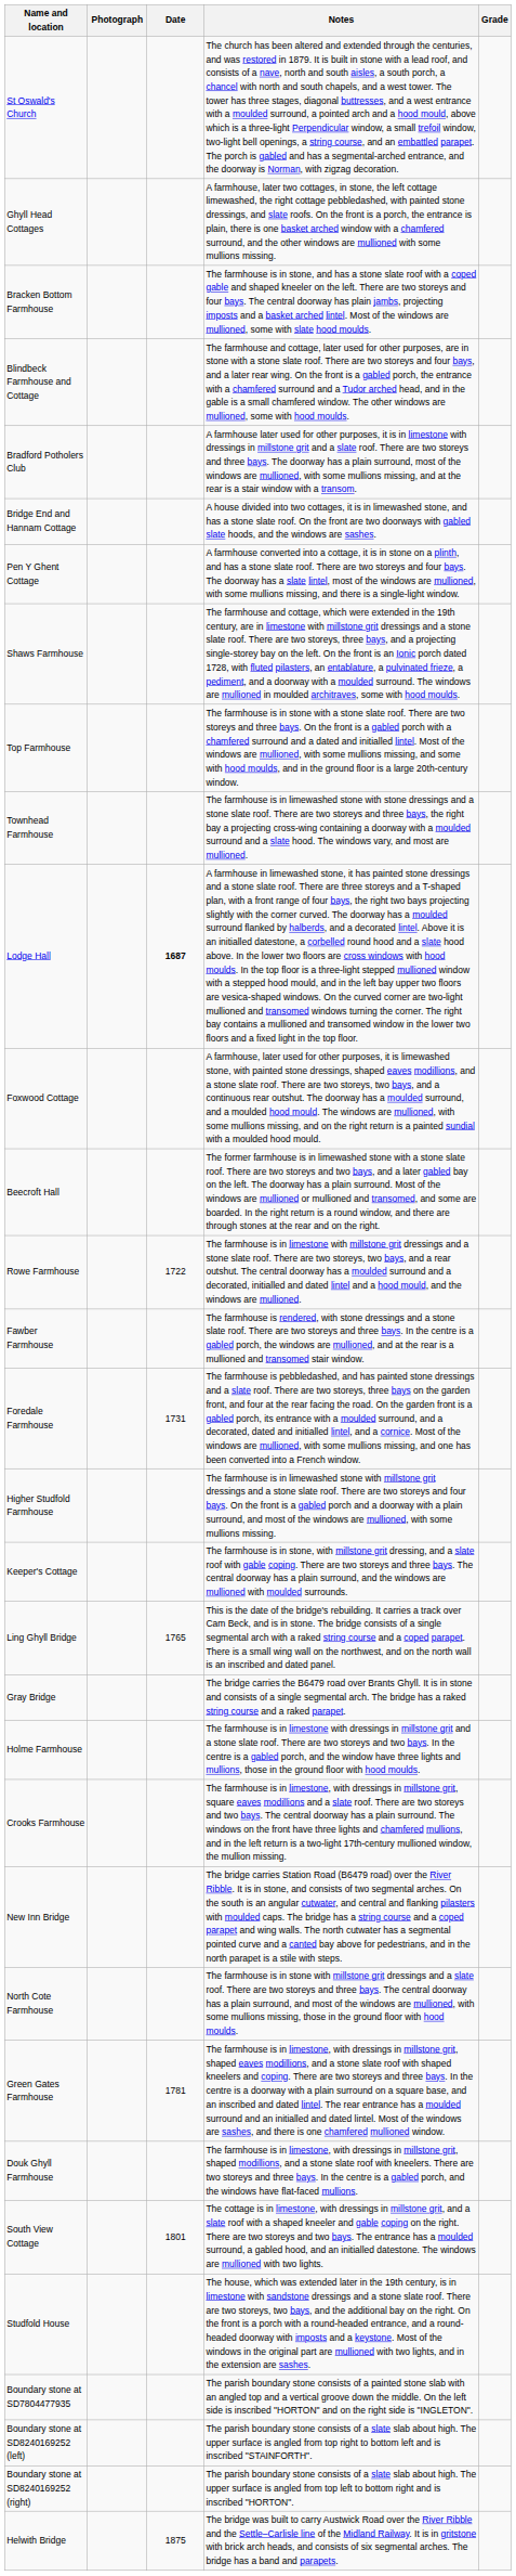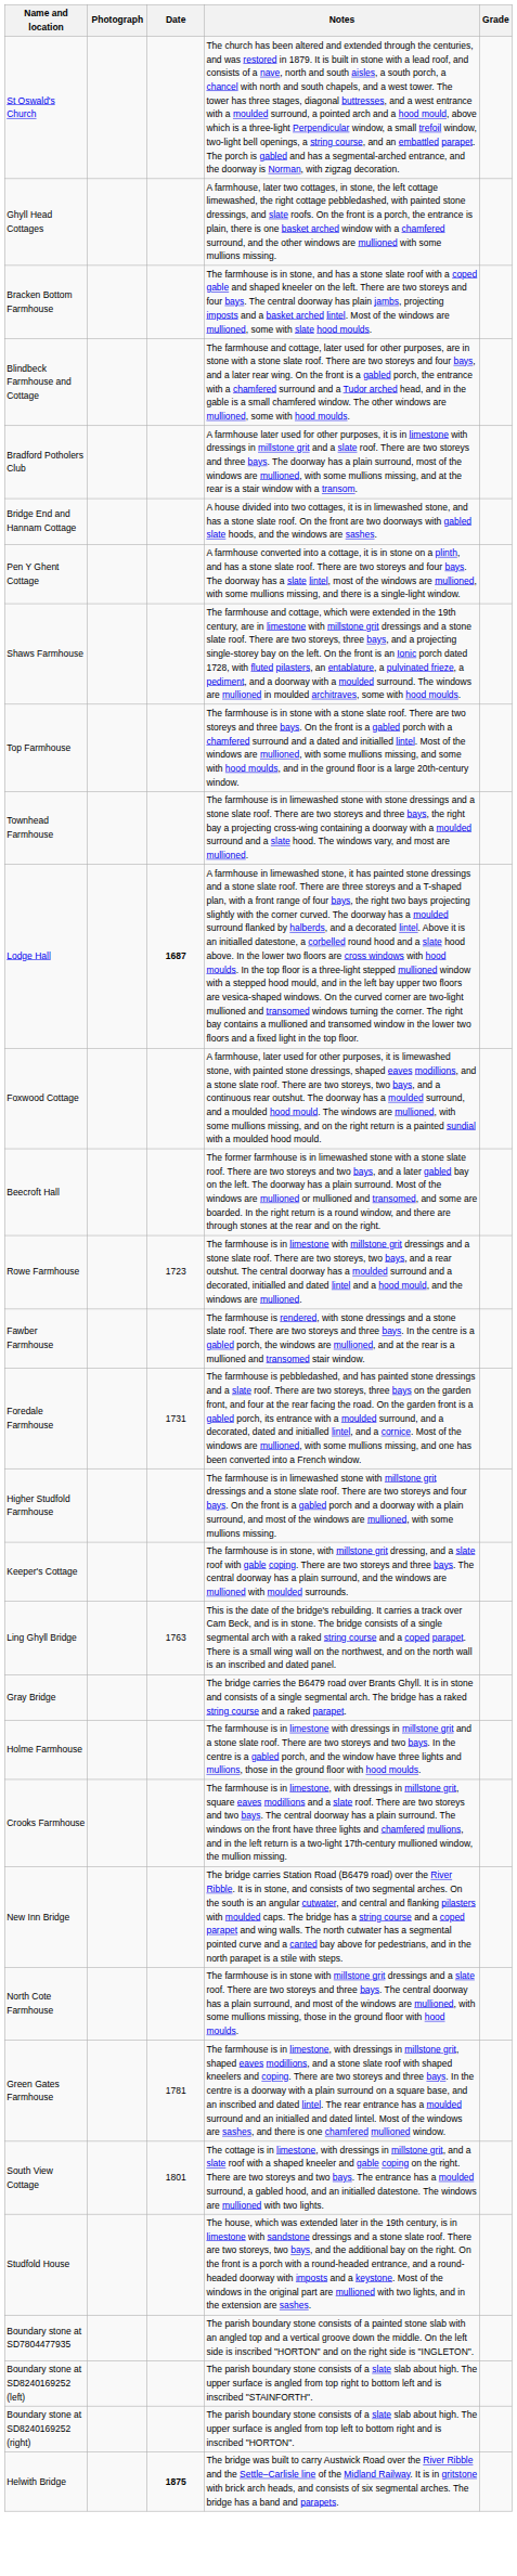 <table class="wikitable sortable plainrowheaders" style="width:100%; border:0px; text-align:left; line-height:150%">
 <tr>
 <th scope="col"  style="width:150px">Name and location</th>
 <th scope="col"  style="width:100px" class="unsortable">Photograph</th>
 <th scope="col"  style="width:120px">Date</th>
 <th scope="col"  style="width:650px" class="unsortable">Notes</th>
 <th scope="col"  style="width:50px">Grade</th>
 </tr>
 <tr>
 <td><a href='#'>St Oswald's Church</a><br><small></small></td>
 <td></td>
 <td align="center"></td>
 <td>The church has been altered and extended through the centuries, and was <a href='#'>restored</a> in 1879. It is built in stone with a lead roof, and consists of a <a href='#'>nave</a>, north and south <a href='#'>aisles</a>, a south porch, a <a href='#'>chancel</a> with north and south chapels, and a west tower. The tower has three stages, diagonal <a href='#'>buttresses</a>, and a west entrance with a <a href='#'>moulded</a> surround, a pointed arch and a <a href='#'>hood mould</a>, above which is a three-light <a href='#'>Perpendicular</a> window, a small <a href='#'>trefoil</a> window, two-light bell openings, a <a href='#'>string course</a>, and an <a href='#'>embattled</a> <a href='#'>parapet</a>. The porch is <a href='#'>gabled</a> and has a segmental-arched entrance, and the doorway is <a href='#'>Norman</a>, with zigzag decoration.</td>
 <td align="center" ></td>
 </tr>
 <tr>
 <td>Ghyll Head Cottages<br><small></small></td>
 <td></td>
 <td align="center"></td>
 <td>A farmhouse, later two cottages, in stone, the left cottage limewashed, the right cottage pebbledashed, with painted stone dressings, and <a href='#'>slate</a> roofs. On the front is a porch, the entrance is plain, there is one <a href='#'>basket arched</a> window with a <a href='#'>chamfered</a> surround, and the other windows are <a href='#'>mullioned</a> with some mullions missing.</td>
 <td align="center" ></td>
 </tr>
 <tr>
 <td>Bracken Bottom Farmhouse<br><small></small></td>
 <td></td>
 <td align="center"></td>
 <td>The farmhouse is in stone, and has a stone slate roof with a <a href='#'>coped</a> <a href='#'>gable</a> and shaped kneeler on the left. There are two storeys and four <a href='#'>bays</a>. The central doorway has plain <a href='#'>jambs</a>, projecting <a href='#'>imposts</a> and a <a href='#'>basket arched</a> <a href='#'>lintel</a>. Most of the windows are <a href='#'>mullioned</a>, some with <a href='#'>slate</a> <a href='#'>hood moulds</a>.</td>
 <td align="center" ></td>
 </tr>
 <tr>
 <td>Blindbeck Farmhouse and Cottage<br><small></small></td>
 <td></td>
 <td align="center"></td>
 <td>The farmhouse and cottage, later used for other purposes, are in stone with a stone slate roof. There are two storeys and four <a href='#'>bays</a>, and a later rear wing. On the front is a <a href='#'>gabled</a> porch, the entrance with a <a href='#'>chamfered</a> surround and a <a href='#'>Tudor arched</a> head, and in the gable is a small chamfered window. The other windows are <a href='#'>mullioned</a>, some with <a href='#'>hood moulds</a>.</td>
 <td align="center" ></td>
 </tr>
 <tr>
 <td>Bradford Potholers Club<br><small></small></td>
 <td></td>
 <td align="center"></td>
 <td>A farmhouse later used for other purposes, it is in <a href='#'>limestone</a> with dressings in <a href='#'>millstone grit</a> and a <a href='#'>slate</a> roof. There are two storeys and three <a href='#'>bays</a>. The doorway has a plain surround, most of the windows are <a href='#'>mullioned</a>, with some mullions missing, and at the rear is a stair window with a <a href='#'>transom</a>.</td>
 <td align="center" ></td>
 </tr>
 <tr>
 <td>Bridge End and Hannam Cottage<br><small></small></td>
 <td></td>
 <td align="center"></td>
 <td>A house divided into two cottages, it is in limewashed stone, and has a stone slate roof. On the front are two doorways with <a href='#'>gabled</a> <a href='#'>slate</a> hoods, and the windows are <a href='#'>sashes</a>.</td>
 <td align="center" ></td>
 </tr>
 <tr>
 <td>Pen Y Ghent Cottage<br><small></small></td>
 <td></td>
 <td align="center"></td>
 <td>A farmhouse converted into a cottage, it is in stone on a <a href='#'>plinth</a>, and has a stone slate roof. There are two storeys and four <a href='#'>bays</a>. The doorway has a <a href='#'>slate</a> <a href='#'>lintel</a>, most of the windows are <a href='#'>mullioned</a>, with some mullions missing, and there is a single-light window.</td>
 <td align="center" ></td>
 </tr>
 <tr>
 <td>Shaws Farmhouse<br><small></small></td>
 <td></td>
 <td align="center"></td>
 <td>The farmhouse and cottage, which were extended in the 19th century, are in <a href='#'>limestone</a> with <a href='#'>millstone grit</a> dressings and a stone slate roof. There are two storeys, three <a href='#'>bays</a>, and a projecting single-storey bay on the left. On the front is an <a href='#'>Ionic</a> porch dated 1728, with <a href='#'>fluted</a> <a href='#'>pilasters</a>, an <a href='#'>entablature</a>, a <a href='#'>pulvinated frieze</a>, a <a href='#'>pediment</a>, and a doorway with a <a href='#'>moulded</a> surround. The windows are <a href='#'>mullioned</a> in moulded <a href='#'>architraves</a>, some with <a href='#'>hood moulds</a>.</td>
 <td align="center" ></td>
 </tr>
 <tr>
 <td>Top Farmhouse<br><small></small></td>
 <td></td>
 <td align="center"></td>
 <td>The farmhouse is in stone with a stone slate roof. There are two storeys and three <a href='#'>bays</a>. On the front is a <a href='#'>gabled</a> porch with a <a href='#'>chamfered</a> surround and a dated and initialled <a href='#'>lintel</a>. Most of the windows are <a href='#'>mullioned</a>, with some mullions missing, and some with <a href='#'>hood moulds</a>, and in the ground floor is a large 20th-century window.</td>
 <td align="center" ></td>
 </tr>
 <tr>
 <td>Townhead Farmhouse<br><small></small></td>
 <td></td>
 <td align="center"></td>
 <td>The farmhouse is in limewashed stone with stone dressings and a stone slate roof. There are two storeys and three <a href='#'>bays</a>, the right bay a projecting cross-wing containing a doorway with a <a href='#'>moulded</a> surround and a <a href='#'>slate</a> hood. The windows vary, and most are <a href='#'>mullioned</a>.</td>
 <td align="center" ></td>
 </tr>
 <tr>
 <td><a href='#'>Lodge Hall</a><br><small></small></td>
 <td></td>
 <td align="center"><strong>1687</strong></td>
 <td>A farmhouse in limewashed stone, it has painted stone dressings and a stone slate roof. There are three storeys and a T-shaped plan, with a front range of four <a href='#'>bays</a>, the right two bays projecting slightly with the corner curved. The doorway has a <a href='#'>moulded</a> surround flanked by <a href='#'>halberds</a>, and a decorated <a href='#'>lintel</a>. Above it is an initialled datestone, a <a href='#'>corbelled</a> round hood and a <a href='#'>slate</a> hood above. In the lower two floors are <a href='#'>cross windows</a> with <a href='#'>hood moulds</a>. In the top floor is a three-light stepped <a href='#'>mullioned</a> window with a stepped hood mould, and in the left bay upper two floors are vesica-shaped windows. On the curved corner are two-light mullioned and <a href='#'>transomed</a> windows turning the corner. The right bay contains a mullioned and transomed window in the lower two floors and a fixed light in the top floor.</td>
 <td align="center" ></td>
 </tr>
 <tr>
 <td>Foxwood Cottage<br><small></small></td>
 <td></td>
 <td align="center"></td>
 <td>A farmhouse, later used for other purposes, it is limewashed stone, with painted stone dressings, shaped <a href='#'>eaves</a> <a href='#'>modillions</a>, and a stone slate roof. There are two storeys, two <a href='#'>bays</a>, and a continuous rear outshut. The doorway has a <a href='#'>moulded</a> surround, and a moulded <a href='#'>hood mould</a>. The windows are <a href='#'>mullioned</a>, with some mullions missing, and on the right return is a painted <a href='#'>sundial</a> with a moulded hood mould.</td>
 <td align="center" ></td>
 </tr>
 <tr>
 <td>Beecroft Hall<br><small></small></td>
 <td></td>
 <td align="center"></td>
 <td>The former farmhouse is in limewashed stone with a stone slate roof. There are two storeys and two <a href='#'>bays</a>, and a later <a href='#'>gabled</a> bay on the left. The doorway has a plain surround. Most of the windows are <a href='#'>mullioned</a> or mullioned and <a href='#'>transomed</a>, and some are boarded.  In the right return is a round window, and there are through stones at the rear and on the right.</td>
 <td align="center" ></td>
 </tr>
 <tr>
 <td>Rowe Farmhouse <br><small></small></td>
 <td></td>
-<td align="center">1722</td>
+<td align="center">1723</td>
 <td>The farmhouse is in <a href='#'>limestone</a> with <a href='#'>millstone grit</a> dressings and a stone slate roof. There are two storeys, two <a href='#'>bays</a>, and a rear outshut. The central doorway has a <a href='#'>moulded</a> surround and a decorated, initialled and dated <a href='#'>lintel</a> and a <a href='#'>hood mould</a>, and the windows are <a href='#'>mullioned</a>. </td>
 <td align="center" ></td>
 </tr>
 <tr>
 <td>Fawber Farmhouse<br><small></small></td>
 <td></td>
 <td align="center"></td>
 <td>The farmhouse is <a href='#'>rendered</a>, with stone dressings and a stone slate roof. There are two storeys and three <a href='#'>bays</a>. In the centre is a <a href='#'>gabled</a> porch, the windows are <a href='#'>mullioned</a>, and at the rear is a mullioned and <a href='#'>transomed</a> stair window.</td>
 <td align="center" ></td>
 </tr>
 <tr>
 <td>Foredale Farmhouse<br><small></small></td>
 <td></td>
 <td align="center">1731</td>
 <td>The farmhouse is pebbledashed, and has painted stone dressings and a <a href='#'>slate</a> roof. There are two storeys, three <a href='#'>bays</a> on the garden front, and four at the rear facing the road. On the garden front is a <a href='#'>gabled</a> porch, its entrance with a <a href='#'>moulded</a> surround, and a decorated, dated and initialled <a href='#'>lintel</a>, and a <a href='#'>cornice</a>. Most of the windows are <a href='#'>mullioned</a>, with some mullions missing, and one has been converted into a French window.</td>
 <td align="center" ></td>
 </tr>
 <tr>
 <td>Higher Studfold Farmhouse<br><small></small></td>
 <td></td>
 <td align="center"></td>
 <td>The farmhouse is in limewashed stone with <a href='#'>millstone grit</a> dressings and a stone slate roof. There are two storeys and four <a href='#'>bays</a>. On the front is a <a href='#'>gabled</a> porch and a doorway with a plain surround, and most of the windows are <a href='#'>mullioned</a>, with some mullions missing.</td>
 <td align="center" ></td>
 </tr>
 <tr>
 <td>Keeper's Cottage<br><small></small></td>
 <td></td>
 <td align="center"></td>
 <td>The farmhouse is in stone, with <a href='#'>millstone grit</a> dressing, and a <a href='#'>slate</a> roof with <a href='#'>gable</a> <a href='#'>coping</a>. There are two storeys and three <a href='#'>bays</a>. The central doorway has a plain surround, and the windows are <a href='#'>mullioned</a> with <a href='#'>moulded</a> surrounds.</td>
 <td align="center" ></td>
 </tr>
 <tr>
 <td>Ling Ghyll Bridge<br><small></small></td>
 <td></td>
-<td align="center">1765</td>
+<td align="center">1763</td>
 <td>This is the date of the bridge's rebuilding. It carries a track over Cam Beck, and is in stone. The bridge consists of a single segmental arch with a raked <a href='#'>string course</a> and a <a href='#'>coped</a> <a href='#'>parapet</a>. There is a small wing wall on the northwest, and on the north wall is an inscribed and dated panel.</td>
 <td align="center" ></td>
 </tr>
 <tr>
 <td>Gray Bridge<br><small></small></td>
 <td></td>
 <td align="center"></td>
 <td>The bridge carries the B6479 road over Brants Ghyll. It is in stone and consists of a single segmental arch. The bridge has a raked <a href='#'>string course</a> and a raked <a href='#'>parapet</a>.</td>
 <td align="center" ></td>
 </tr>
 <tr>
 <td>Holme Farmhouse<br><small></small></td>
 <td></td>
 <td align="center"></td>
 <td>The farmhouse is in <a href='#'>limestone</a> with dressings in <a href='#'>millstone grit</a> and a stone slate roof. There are two storeys and two <a href='#'>bays</a>. In the centre is a <a href='#'>gabled</a> porch, and the window have three lights and <a href='#'>mullions</a>, those in the ground floor with <a href='#'>hood moulds</a>.</td>
 <td align="center" ></td>
 </tr>
 <tr>
 <td>Crooks Farmhouse<br><small></small></td>
 <td></td>
 <td align="center"></td>
 <td>The farmhouse is in <a href='#'>limestone</a>, with dressings in <a href='#'>millstone grit</a>, square <a href='#'>eaves</a> <a href='#'>modillions</a> and a <a href='#'>slate</a> roof. There are two storeys and two <a href='#'>bays</a>. The central doorway has a plain surround. The windows on the front have three lights and <a href='#'>chamfered</a> <a href='#'>mullions</a>, and in the left return is a two-light 17th-century mullioned window, the mullion missing.</td>
 <td align="center" ></td>
 </tr>
 <tr>
 <td>New Inn Bridge<br><small></small></td>
 <td></td>
 <td align="center"></td>
 <td>The bridge carries Station Road (B6479 road) over the <a href='#'>River Ribble</a>. It is in stone, and consists of two segmental arches. On the south is an angular <a href='#'>cutwater</a>, and central and flanking <a href='#'>pilasters</a> with <a href='#'>moulded</a> caps. The bridge has a <a href='#'>string course</a> and a <a href='#'>coped</a> <a href='#'>parapet</a> and wing walls. The north cutwater has a segmental pointed curve and a <a href='#'>canted</a> bay above for pedestrians, and in the north parapet is a stile with steps.</td>
 <td align="center" ></td>
 </tr>
 <tr>
 <td>North Cote Farmhouse<br><small></small></td>
 <td></td>
 <td align="center"></td>
 <td>The farmhouse is in stone with <a href='#'>millstone grit</a> dressings and a <a href='#'>slate</a> roof. There are two storeys and three <a href='#'> bays</a>. The central doorway has a plain surround, and most of the windows are <a href='#'>mullioned</a>, with some mullions missing, those in the ground floor with <a href='#'>hood moulds</a>.</td>
 <td align="center" ></td>
 </tr>
 <tr>
 <td>Green Gates Farmhouse<br><small></small></td>
 <td></td>
 <td align="center">1781</td>
 <td>The farmhouse is in <a href='#'>limestone</a>, with dressings in <a href='#'>millstone grit</a>, shaped <a href='#'>eaves</a> <a href='#'>modillions</a>, and a stone slate roof with shaped kneelers and <a href='#'>coping</a>. There are two storeys and three <a href='#'>bays</a>. In the centre is a doorway with a plain surround on a square base, and an inscribed and dated <a href='#'>lintel</a>. The rear entrance has a <a href='#'>moulded</a> surround and an initialled and dated lintel. Most of the windows are <a href='#'>sashes</a>, and there is one <a href='#'>chamfered</a> <a href='#'>mullioned</a> window.</td>
 <td align="center" ></td>
 </tr>
 <tr>
-<td>Douk Ghyll Farmhouse<br><small></small></td>
-<td></td>
-<td align="center"></td>
-<td>The farmhouse is in <a href='#'>limestone</a>, with dressings in <a href='#'>millstone grit</a>, shaped <a href='#'>modillions</a>, and a stone slate roof with kneelers. There are two storeys and three <a href='#'>bays</a>. In the centre is a <a href='#'>gabled</a> porch, and the windows have flat-faced <a href='#'>mullions</a>.</td>
-<td align="center" ></td>
-</tr>
-<tr>
 <td>South View Cottage<br><small></small></td>
 <td></td>
 <td align="center">1801</td>
 <td>The cottage is in <a href='#'>limestone</a>, with dressings in <a href='#'>millstone grit</a>, and a <a href='#'>slate</a> roof with a shaped kneeler and <a href='#'>gable</a> <a href='#'>coping</a> on the right. There are two storeys and two <a href='#'>bays</a>. The entrance has a <a href='#'>moulded</a> surround, a gabled hood, and an initialled datestone. The windows are <a href='#'>mullioned</a> with two lights.</td>
 <td align="center" ></td>
 </tr>
 <tr>
 <td>Studfold House<br><small></small></td>
 <td></td>
 <td align="center"></td>
 <td>The house, which was extended later in the 19th century, is in <a href='#'>limestone</a> with <a href='#'>sandstone</a> dressings and a stone slate roof. There are two storeys, two <a href='#'>bays</a>, and the additional bay on the right. On the front is a porch with a round-headed entrance, and a round-headed doorway with <a href='#'>imposts</a> and a <a href='#'>keystone</a>. Most of the windows in the original part are <a href='#'>mullioned</a> with two lights, and in the extension are <a href='#'>sashes</a>.</td>
 <td align="center" ></td>
 </tr>
 <tr>
 <td>Boundary stone at SD7804477935<br><small></small></td>
 <td></td>
 <td align="center"></td>
 <td>The parish boundary stone consists of a painted stone slab with an angled top and a vertical groove down the middle. On the left side is inscribed "HORTON" and on the right side is "INGLETON".</td>
 <td align="center" ></td>
 </tr>
 <tr>
 <td>Boundary stone at SD8240169252 (left)<br><small></small></td>
 <td></td>
 <td align="center"></td>
 <td>The parish boundary stone consists of a <a href='#'>slate</a> slab about  high. The upper surface is angled from top right to bottom left and is inscribed "STAINFORTH".</td>
 <td align="center" ></td>
 </tr>
 <tr>
 <td>Boundary stone at SD8240169252 (right)<br><small></small></td>
 <td></td>
 <td align="center"></td>
 <td>The parish boundary stone consists of a <a href='#'>slate</a> slab about  high. The upper surface is angled from top left to bottom right and is inscribed "HORTON".</td>
 <td align="center" ></td>
 </tr>
 <tr>
 <td>Helwith Bridge<br><small></small></td>
 <td></td>
-<td align="center">1875</td>
+<td align="center"><strong>1875</strong></td>
 <td>The bridge was built to carry Austwick Road over the <a href='#'>River Ribble</a> and the <a href='#'>Settle–Carlisle line</a> of the <a href='#'>Midland Railway</a>. It is in <a href='#'>gritstone</a> with brick arch heads, and consists of six segmental arches. The bridge has a band and <a href='#'>parapets</a>.</td>
 <td align="center" ></td>
 </tr>
 <tr>
 </tr>
 </table>
